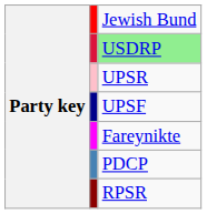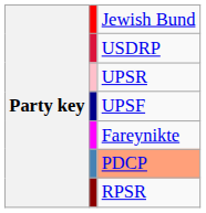 <table class=wikitable>
 <tr>
 <th rowspan=7>Party key</th>
 <td style="background:red"></td>
 <td><a href='#'>Jewish Bund</a></td>
 </tr>
 <tr>
 <td style="background:crimson"></td>
-<td style="background: lightgreen;"><a href='#'>USDRP</a></td>
+<td><a href='#'>USDRP</a></td>
 </tr>
 <tr>
 <td style="background:pink"></td>
 <td><a href='#'>UPSR</a></td>
 </tr>
 <tr>
 <td style="background:darkblue"></td>
 <td><a href='#'>UPSF</a></td>
 </tr>
 <tr>
 <td style="background:magenta"></td>
 <td><a href='#'>Fareynikte</a></td>
 </tr>
 <tr>
 <td style="background:steelblue"></td>
-<td><a href='#'>PDCP</a></td>
+<td style="background: lightsalmon;"><a href='#'>PDCP</a></td>
 </tr>
 <tr>
 <td style="background:darkred"></td>
 <td><a href='#'>RPSR</a></td>
 </tr>
 </table>
